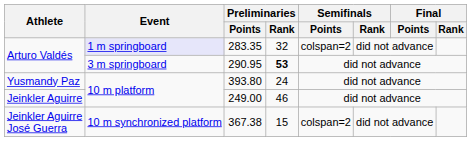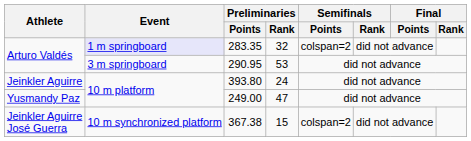 <table class=wikitable style="font-size:90%;">
 <tr>
 <th rowspan="2">Athlete</th>
 <th rowspan="2">Event</th>
 <th colspan="2">Preliminaries</th>
 <th colspan="2">Semifinals</th>
 <th colspan="2">Final</th>
 </tr>
 <tr style="font-size:95%">
 <th>Points</th>
 <th>Rank</th>
 <th>Points</th>
 <th>Rank</th>
 <th>Points</th>
 <th>Rank</th>
 </tr>
 <tr align=center>
 <td align=left rowspan=2><a href='#'>Arturo Valdés</a></td>
 <td align=left style="background: lavender;"><a href='#'>1 m springboard</a></td>
 <td>283.35</td>
 <td>32</td>
 <td>colspan=2 </td>
 <td colspan=2>did not advance</td>
 </tr>
 <tr align=center>
 <td align=left><a href='#'>3 m springboard</a></td>
 <td>290.95</td>
-<td><strong>53</strong></td>
+<td>53</td>
 <td colspan=4>did not advance</td>
 </tr>
 <tr align=center>
-<td align=left><a href='#'>Yusmandy Paz</a></td>
+<td align=left><a href='#'>Jeinkler Aguirre</a></td>
 <td align=left rowspan=2><a href='#'>10 m platform</a></td>
 <td>393.80</td>
 <td>24</td>
 <td colspan=4>did not advance</td>
 </tr>
 <tr align=center>
-<td align=left><a href='#'>Jeinkler Aguirre</a></td>
+<td align=left><a href='#'>Yusmandy Paz</a></td>
 <td>249.00</td>
-<td>46</td>
+<td>47</td>
 <td colspan=4>did not advance</td>
 </tr>
 <tr align=center>
 <td align=left><a href='#'>Jeinkler Aguirre</a><br><a href='#'>José Guerra</a></td>
 <td align=left><a href='#'>10 m synchronized platform</a></td>
 <td>367.38</td>
 <td>15</td>
 <td>colspan=2 </td>
 <td colspan=2>did not advance</td>
 </tr>
 </table>
